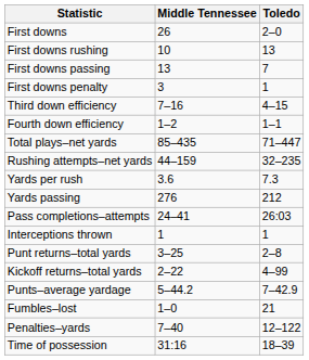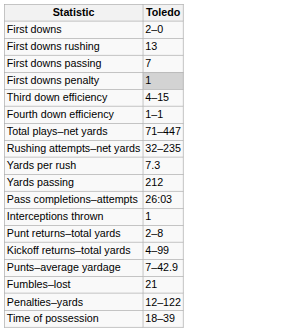 <table class="wikitable">
 <tr>
 <th>Statistic</th>
-<th><strong>Middle Tennessee</strong></th>
 <th><strong>Toledo</strong></th>
 </tr>
 <tr>
 <td>First downs</td>
-<td>26</td>
 <td>2–0</td>
 </tr>
 <tr>
 <td>First downs rushing</td>
-<td>10</td>
 <td>13</td>
 </tr>
 <tr>
 <td>First downs passing</td>
-<td>13</td>
 <td>7</td>
 </tr>
 <tr>
 <td>First downs penalty</td>
-<td>3</td>
-<td>1</td>
+<td style="background: lightgrey;">1</td>
 </tr>
 <tr>
 <td>Third down efficiency</td>
-<td>7–16</td>
 <td>4–15</td>
 </tr>
 <tr>
 <td>Fourth down efficiency</td>
-<td>1–2</td>
 <td>1–1</td>
 </tr>
 <tr>
 <td>Total plays–net yards</td>
-<td>85–435</td>
 <td>71–447</td>
 </tr>
 <tr>
 <td>Rushing attempts–net yards</td>
-<td>44–159</td>
 <td>32–235</td>
 </tr>
 <tr>
 <td>Yards per rush</td>
-<td>3.6</td>
 <td>7.3</td>
 </tr>
 <tr>
 <td>Yards passing</td>
-<td>276</td>
 <td>212</td>
 </tr>
 <tr>
 <td>Pass completions–attempts</td>
-<td>24–41</td>
 <td>26:03</td>
 </tr>
 <tr>
 <td>Interceptions thrown</td>
 <td>1</td>
-<td>1</td>
 </tr>
 <tr>
 <td>Punt returns–total yards</td>
-<td>3–25</td>
 <td>2–8</td>
 </tr>
 <tr>
 <td>Kickoff returns–total yards</td>
-<td>2–22</td>
 <td>4–99</td>
 </tr>
 <tr>
 <td>Punts–average yardage</td>
-<td>5–44.2</td>
 <td>7–42.9</td>
 </tr>
 <tr>
 <td>Fumbles–lost</td>
-<td>1–0</td>
 <td>21</td>
 </tr>
 <tr>
 <td>Penalties–yards</td>
-<td>7–40</td>
 <td>12–122</td>
 </tr>
 <tr>
 <td>Time of possession</td>
-<td>31:16</td>
 <td>18–39</td>
 </tr>
 </table>
